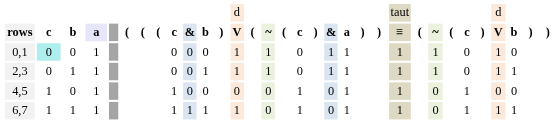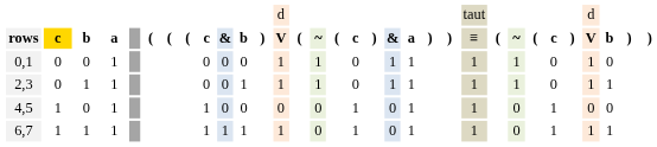 <table style="margin-left: auto; margin-right: auto; border: none;">
 <tr style="font-size:9pt; text-align:center">
 <td width="27.75" Height="12"></td>
 <td width="20.25"></td>
 <td width="18.75"></td>
 <td width="18.75"></td>
 <td width="6.75"></td>
 <td width="11.25"></td>
 <td width="11.25"></td>
 <td width="11.25"></td>
 <td width="11.25"></td>
 <td width="11.25"></td>
 <td width="11.25"></td>
 <td width="11.25"></td>
 <td style="background-color:#FDE9D9" width="11.25">d</td>
 <td width="11.25"></td>
 <td width="11.25"></td>
 <td width="11.25"></td>
 <td width="11.25"></td>
 <td width="11.25"></td>
 <td width="11.25"></td>
 <td width="11.25"></td>
 <td width="11.25"></td>
 <td width="12.75"></td>
 <td style="background-color:#DDD9C3" width="19.5">taut</td>
 <td width="11.25"></td>
 <td width="11.25"></td>
 <td width="11.25"></td>
 <td width="11.25"></td>
 <td width="11.25"></td>
 <td style="background-color:#FDE9D9" width="11.25">d</td>
 <td width="11.25"></td>
 <td width="12.75"></td>
 <td width="12.75"></td>
 </tr>
 <tr style="font-size:9pt;font-weight:bold" align="center">
 <td style="background-color:#F2F2F2" Height="12">rows</td>
-<td>c</td>
+<td style="background: gold;">c</td>
 <td>b</td>
-<td style="background: lavender;">a</td>
+<td>a</td>
 <td style="background-color:#A5A5A5"></td>
 <td>(</td>
 <td>(</td>
 <td>(</td>
 <td>c</td>
 <td style="background-color:#DBE5F1">&</td>
 <td>b</td>
 <td>)</td>
 <td style="background-color:#FDE9D9">V</td>
 <td>(</td>
 <td style="background-color:#EAF1DD">~</td>
 <td>(</td>
 <td>c</td>
 <td>)</td>
 <td style="background-color:#DBE5F1">&</td>
 <td>a</td>
 <td>)</td>
 <td>)</td>
 <td style="background-color:#DDD9C3">≡</td>
 <td>(</td>
 <td style="background-color:#EAF1DD">~</td>
 <td>(</td>
 <td>c</td>
 <td>)</td>
 <td style="background-color:#FDE9D9">V</td>
 <td>b</td>
 <td>)</td>
 <td>)</td>
 </tr>
 <tr style="font-size:9pt" align="center">
 <td style="background-color:#F2F2F2" Height="12">0,1</td>
-<td style="background: paleturquoise;">0</td>
+<td>0</td>
 <td>0</td>
 <td>1</td>
 <td style="background-color:#A5A5A5"></td>
 <td></td>
 <td></td>
 <td></td>
 <td>0</td>
 <td style="background-color:#DBE5F1">0</td>
 <td>0</td>
 <td></td>
 <td style="background-color:#FDE9D9">1</td>
 <td></td>
 <td style="background-color:#EAF1DD">1</td>
 <td></td>
 <td>0</td>
 <td></td>
 <td style="background-color:#DBE5F1">1</td>
 <td>1</td>
 <td></td>
 <td></td>
 <td style="background-color:#DDD9C3">1</td>
 <td></td>
 <td style="background-color:#EAF1DD">1</td>
 <td></td>
 <td>0</td>
 <td></td>
 <td style="background-color:#FDE9D9">1</td>
 <td>0</td>
 <td></td>
 <td></td>
 </tr>
 <tr style="font-size:9pt" align="center">
 <td style="background-color:#F2F2F2" Height="12">2,3</td>
 <td>0</td>
 <td>1</td>
 <td>1</td>
 <td style="background-color:#A5A5A5"></td>
 <td></td>
 <td></td>
 <td></td>
 <td>0</td>
 <td style="background-color:#DBE5F1">0</td>
 <td>1</td>
 <td></td>
 <td style="background-color:#FDE9D9">1</td>
 <td></td>
 <td style="background-color:#EAF1DD">1</td>
 <td></td>
 <td>0</td>
 <td></td>
 <td style="background-color:#DBE5F1">1</td>
 <td>1</td>
 <td></td>
 <td></td>
 <td style="background-color:#DDD9C3">1</td>
 <td></td>
 <td style="background-color:#EAF1DD">1</td>
 <td></td>
 <td>0</td>
 <td></td>
 <td style="background-color:#FDE9D9">1</td>
 <td>1</td>
 <td></td>
 <td></td>
 </tr>
 <tr style="font-size:9pt" align="center">
 <td style="background-color:#F2F2F2" Height="12">4,5</td>
 <td>1</td>
 <td>0</td>
 <td>1</td>
 <td style="background-color:#A5A5A5"></td>
 <td></td>
 <td></td>
 <td></td>
 <td>1</td>
 <td style="background-color:#DBE5F1">0</td>
 <td>0</td>
 <td></td>
 <td style="background-color:#FDE9D9">0</td>
 <td></td>
 <td style="background-color:#EAF1DD">0</td>
 <td></td>
 <td>1</td>
 <td></td>
 <td style="background-color:#DBE5F1">0</td>
 <td>1</td>
 <td></td>
 <td></td>
 <td style="background-color:#DDD9C3">1</td>
 <td></td>
 <td style="background-color:#EAF1DD">0</td>
 <td></td>
 <td>1</td>
 <td></td>
 <td style="background-color:#FDE9D9">0</td>
 <td>0</td>
 <td></td>
 <td></td>
 </tr>
 <tr style="font-size:9pt" align="center">
 <td style="background-color:#F2F2F2" Height="12">6,7</td>
 <td>1</td>
 <td>1</td>
 <td>1</td>
 <td style="background-color:#A5A5A5"></td>
 <td></td>
 <td></td>
 <td></td>
 <td>1</td>
 <td style="background-color:#DBE5F1">1</td>
 <td>1</td>
 <td></td>
 <td style="background-color:#FDE9D9">1</td>
 <td></td>
 <td style="background-color:#EAF1DD">0</td>
 <td></td>
 <td>1</td>
 <td></td>
 <td style="background-color:#DBE5F1">0</td>
 <td>1</td>
 <td></td>
 <td></td>
 <td style="background-color:#DDD9C3">1</td>
 <td></td>
 <td style="background-color:#EAF1DD">0</td>
 <td></td>
 <td>1</td>
 <td></td>
 <td style="background-color:#FDE9D9">1</td>
 <td>1</td>
 <td></td>
 <td></td>
 </tr>
 </table>
